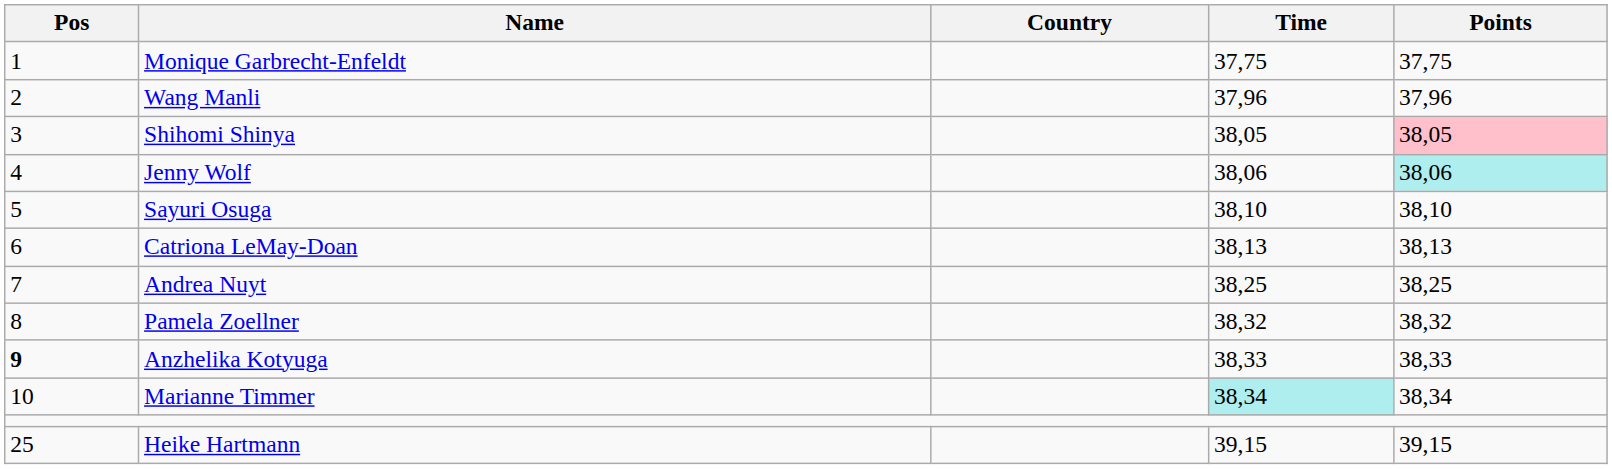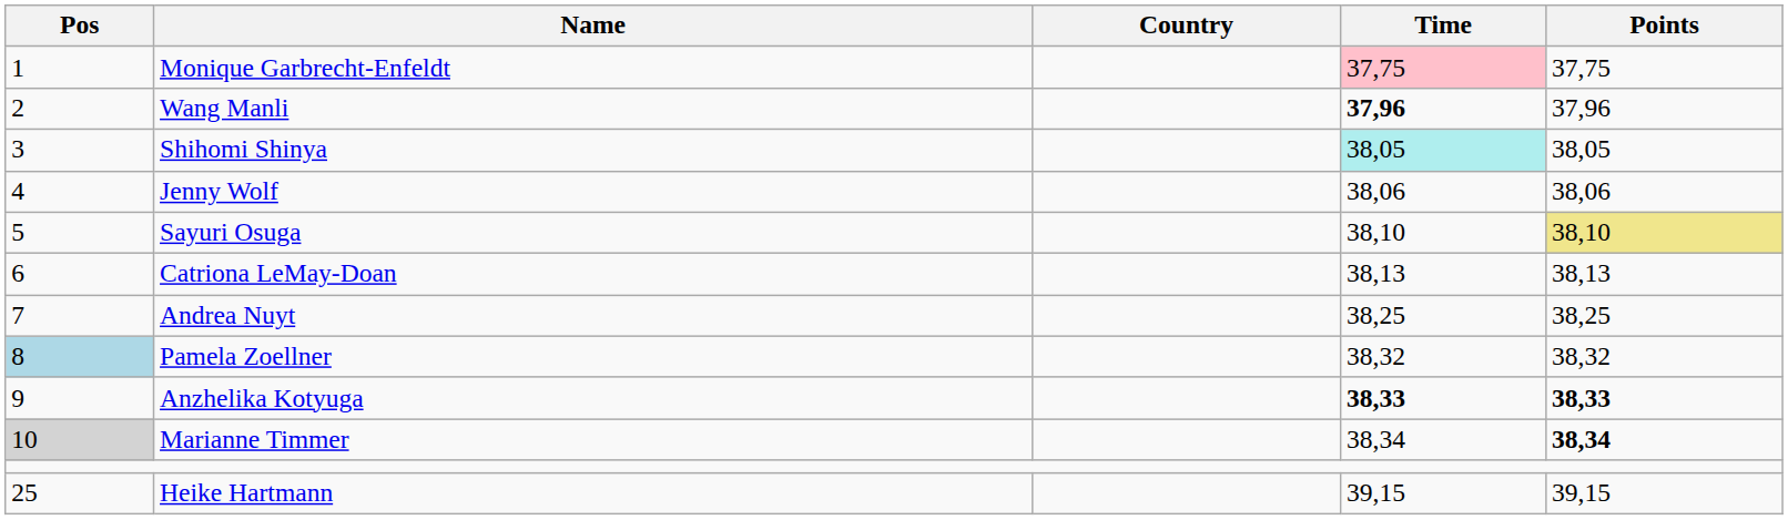 <table class="prettytable" style="width:55%;">
 <tr>
 <th>Pos</th>
 <th>Name</th>
 <th>Country</th>
 <th>Time</th>
 <th>Points</th>
 </tr>
 <tr>
 <td>1</td>
 <td><a href='#'>Monique Garbrecht-Enfeldt</a></td>
 <td></td>
-<td>37,75</td>
+<td style="background: pink;">37,75</td>
 <td>37,75</td>
 </tr>
 <tr>
 <td>2</td>
 <td><a href='#'>Wang Manli</a></td>
 <td></td>
-<td>37,96</td>
+<td><strong>37,96</strong></td>
 <td>37,96</td>
 </tr>
 <tr>
 <td>3</td>
 <td><a href='#'>Shihomi Shinya</a></td>
 <td></td>
+<td style="background: paleturquoise;">38,05</td>
 <td>38,05</td>
-<td style="background: pink;">38,05</td>
 </tr>
 <tr>
 <td>4</td>
 <td><a href='#'>Jenny Wolf</a></td>
 <td></td>
 <td>38,06</td>
-<td style="background: paleturquoise;">38,06</td>
+<td>38,06</td>
 </tr>
 <tr>
 <td>5</td>
 <td><a href='#'>Sayuri Osuga</a></td>
 <td></td>
 <td>38,10</td>
-<td>38,10</td>
+<td style="background: khaki;">38,10</td>
 </tr>
 <tr>
 <td>6</td>
 <td><a href='#'>Catriona LeMay-Doan</a></td>
 <td></td>
 <td>38,13</td>
 <td>38,13</td>
 </tr>
 <tr>
 <td>7</td>
 <td><a href='#'>Andrea Nuyt</a></td>
 <td></td>
 <td>38,25</td>
 <td>38,25</td>
 </tr>
 <tr>
-<td>8</td>
+<td style="background: lightblue;">8</td>
 <td><a href='#'>Pamela Zoellner</a></td>
 <td></td>
 <td>38,32</td>
 <td>38,32</td>
 </tr>
 <tr>
-<td><strong>9</strong></td>
+<td>9</td>
 <td><a href='#'>Anzhelika Kotyuga</a></td>
 <td></td>
-<td>38,33</td>
-<td>38,33</td>
+<td><strong>38,33</strong></td>
+<td><strong>38,33</strong></td>
 </tr>
 <tr>
-<td>10</td>
+<td style="background: lightgrey;">10</td>
 <td><a href='#'>Marianne Timmer</a></td>
 <td></td>
-<td style="background: paleturquoise;">38,34</td>
 <td>38,34</td>
+<td><strong>38,34</strong></td>
 </tr>
 <tr>
 <td colspan="5"></td>
 </tr>
 <tr>
 <td>25</td>
 <td><a href='#'>Heike Hartmann</a></td>
 <td></td>
 <td>39,15</td>
 <td>39,15</td>
 </tr>
 </table>
